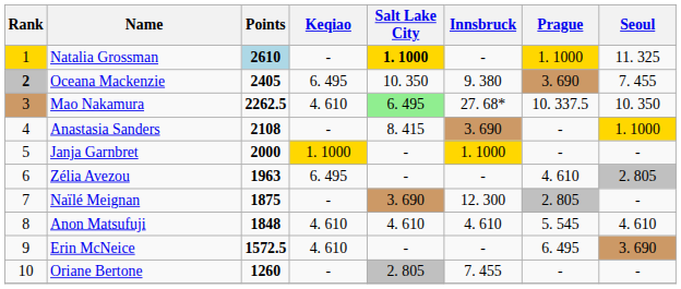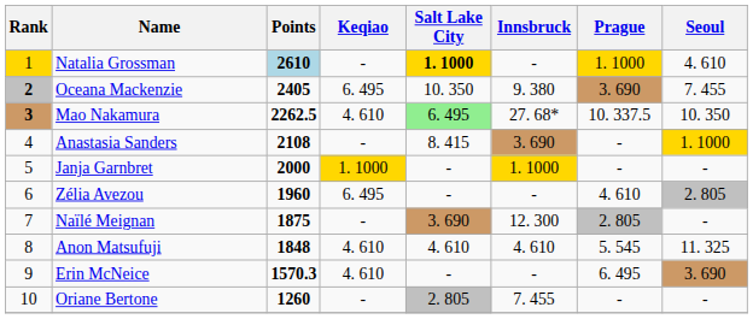 <table class="wikitable sortable">
 <tr>
 <th>Rank</th>
 <th width = "200">Name</th>
 <th>Points</th>
 <th width = "75" data-sort-type="number"><a href='#'>Keqiao</a></th>
 <th width = "75" data-sort-type="number"><a href='#'>Salt Lake City</a></th>
 <th width = "75" data-sort-type="number"><a href='#'>Innsbruck</a></th>
 <th width = "75" data-sort-type="number"><a href='#'>Prague</a></th>
 <th width = "75" data-sort-type="number"><a href='#'>Seoul</a></th>
 </tr>
 <tr>
 <td align="center" style="background: gold">1</td>
 <td> <a href='#'>Natalia Grossman</a></td>
 <td align="center" style="background: lightblue;"><strong>2610</strong></td>
 <td align="center">-</td>
 <td align="center" style="background: gold"><strong>1. 1000</strong></td>
 <td align="center">-</td>
 <td align="center" style="background: gold">1. 1000</td>
-<td align="center">11. 325</td>
+<td align="center">4. 610</td>
 </tr>
 <tr>
 <td align="center" style="background: silver"><strong>2</strong></td>
 <td> <a href='#'>Oceana Mackenzie</a></td>
 <td align="center"><strong>2405</strong></td>
 <td align="center">6. 495</td>
 <td align="center">10. 350</td>
 <td align="center">9. 380</td>
 <td align="center" style="background: #cc9966">3. 690</td>
 <td align="center">7. 455</td>
 </tr>
 <tr>
-<td align="center" style="background: #cc9966">3</td>
+<td align="center" style="background: #cc9966"><strong>3</strong></td>
 <td> <a href='#'>Mao Nakamura</a></td>
 <td align="center"><strong>2262.5</strong></td>
 <td align="center">4. 610</td>
 <td align="center" style="background: lightgreen;">6. 495</td>
 <td align="center">27. 68*</td>
 <td align="center">10. 337.5</td>
 <td align="center">10. 350</td>
 </tr>
 <tr>
 <td align="center">4</td>
 <td> <a href='#'>Anastasia Sanders</a></td>
 <td align="center"><strong>2108</strong></td>
 <td align="center">-</td>
 <td align="center">8. 415</td>
 <td align="center" style="background: #cc9966">3. 690</td>
 <td align="center">-</td>
 <td align="center" style="background: gold">1. 1000</td>
 </tr>
 <tr>
 <td align="center">5</td>
 <td> <a href='#'>Janja  Garnbret</a></td>
 <td align="center"><strong>2000</strong></td>
 <td align="center" style="background: gold">1. 1000</td>
 <td align="center">-</td>
 <td align="center" style="background: gold">1. 1000</td>
 <td align="center">-</td>
 <td align="center">-</td>
 </tr>
 <tr>
 <td align="center">6</td>
 <td> <a href='#'>Zélia Avezou</a></td>
-<td align="center"><strong>1963</strong></td>
+<td align="center"><strong>1960</strong></td>
 <td align="center">6. 495</td>
 <td align="center">-</td>
 <td align="center">-</td>
 <td align="center">4. 610</td>
 <td align="center" style="background: silver">2. 805</td>
 </tr>
 <tr>
 <td align="center">7</td>
 <td> <a href='#'>Naïlé Meignan</a></td>
 <td align="center"><strong>1875</strong></td>
 <td align="center">-</td>
 <td align="center" style="background: #cc9966">3. 690</td>
 <td align="center">12. 300</td>
 <td align="center" style="background: silver">2. 805</td>
 <td align="center">-</td>
 </tr>
 <tr>
 <td align="center">8</td>
 <td> <a href='#'>Anon Matsufuji</a></td>
 <td align="center"><strong>1848</strong></td>
 <td align="center">4. 610</td>
 <td align="center">4. 610</td>
 <td align="center">4. 610</td>
 <td align="center">5. 545</td>
-<td align="center">4. 610</td>
+<td align="center">11. 325</td>
 </tr>
 <tr>
 <td align="center">9</td>
 <td> <a href='#'>Erin McNeice</a></td>
-<td align="center"><strong>1572.5</strong></td>
+<td align="center"><strong>1570.3</strong></td>
 <td align="center">4. 610</td>
 <td align="center">-</td>
 <td align="center">-</td>
 <td align="center">6. 495</td>
 <td align="center" style="background: #cc9966">3. 690</td>
 </tr>
 <tr>
 <td align="center">10</td>
 <td> <a href='#'>Oriane Bertone</a></td>
 <td align="center"><strong>1260</strong></td>
 <td align="center">-</td>
 <td align="center" style="background: silver">2. 805</td>
 <td align="center">7. 455</td>
 <td align="center">-</td>
 <td align="center">-</td>
 </tr>
 <tr>
 </tr>
 </table>
